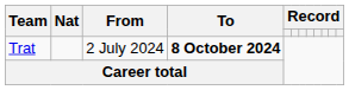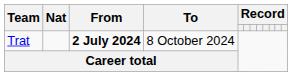 <table class="wikitable" style="text-align: center">
 <tr>
 <th rowspan="2">Team</th>
 <th rowspan="2">Nat</th>
 <th rowspan="2">From</th>
 <th rowspan="2">To</th>
 <th colspan="8">Record</th>
 </tr>
 <tr>
 <th></th>
 <th></th>
 <th></th>
 <th></th>
 <th></th>
 <th></th>
 <th></th>
 <th></th>
 </tr>
 <tr>
 <td align=left><a href='#'>Trat</a></td>
 <td></td>
-<td align=left>2 July 2024</td>
-<td align=left><strong>8 October 2024<br></strong></td>
+<td align=left><strong>2 July 2024</strong></td>
+<td align=left>8 October 2024<br></td>
 </tr>
 <tr>
 <th colspan=4><strong>Career total</strong><br></th>
 </tr>
 </table>
